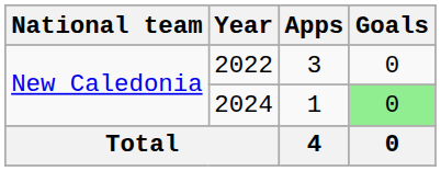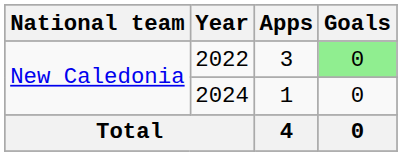 <table class="wikitable" style="text-align:center">
 <tr>
 <th>National team</th>
 <th>Year</th>
 <th>Apps</th>
 <th>Goals</th>
 </tr>
 <tr>
 <td rowspan="2"><a href='#'>New Caledonia</a></td>
 <td>2022</td>
 <td>3</td>
-<td>0</td>
+<td style="background: lightgreen;">0</td>
 </tr>
 <tr>
 <td>2024</td>
 <td>1</td>
-<td style="background: lightgreen;">0</td>
+<td>0</td>
 </tr>
 <tr>
 <th colspan="2">Total</th>
 <th>4</th>
 <th>0</th>
 </tr>
 </table>
